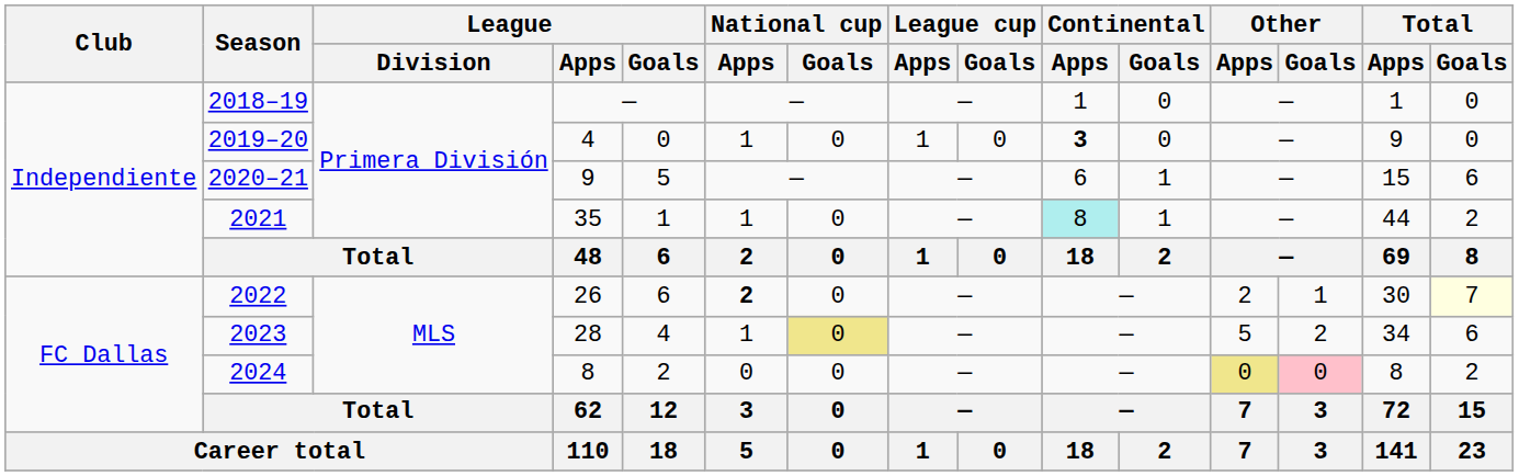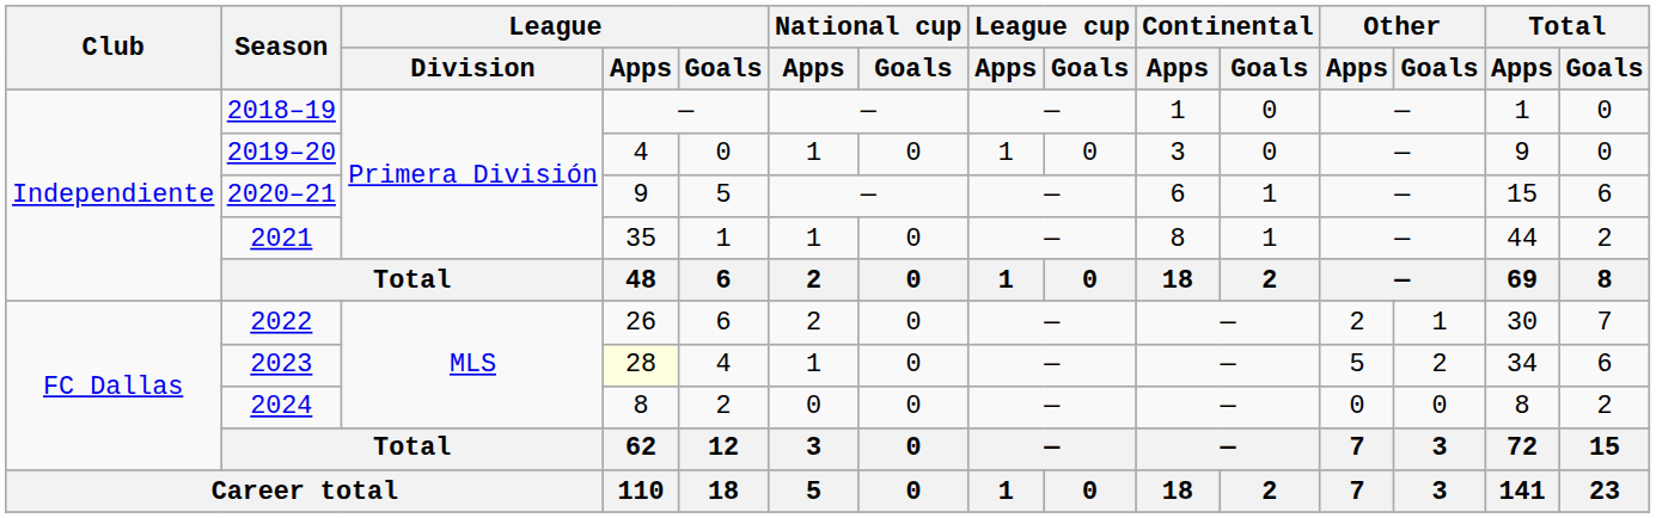 <table class="wikitable" style="text-align:center">
 <tr>
 <th rowspan="2">Club</th>
 <th rowspan="2">Season</th>
 <th colspan="3">League</th>
 <th colspan="2">National cup</th>
 <th colspan="2">League cup</th>
 <th colspan="2">Continental</th>
 <th colspan="2">Other</th>
 <th colspan="2">Total</th>
 </tr>
 <tr>
 <th>Division</th>
 <th>Apps</th>
 <th>Goals</th>
 <th>Apps</th>
 <th>Goals</th>
 <th>Apps</th>
 <th>Goals</th>
 <th>Apps</th>
 <th>Goals</th>
 <th>Apps</th>
 <th>Goals</th>
 <th>Apps</th>
 <th>Goals</th>
 </tr>
 <tr>
 <td rowspan="5"><a href='#'>Independiente</a></td>
 <td><a href='#'>2018–19</a></td>
 <td rowspan="4"><a href='#'>Primera División</a></td>
 <td colspan="2">—</td>
 <td colspan="2">—</td>
 <td colspan="2">—</td>
 <td>1</td>
 <td>0</td>
 <td colspan="2">—</td>
 <td>1</td>
 <td>0</td>
 </tr>
 <tr>
 <td><a href='#'>2019–20</a></td>
 <td>4</td>
 <td>0</td>
 <td>1</td>
 <td>0</td>
 <td>1</td>
 <td>0</td>
-<td><strong>3</strong></td>
+<td>3</td>
 <td>0</td>
 <td colspan="2">—</td>
 <td>9</td>
 <td>0</td>
 </tr>
 <tr>
 <td><a href='#'>2020–21</a></td>
 <td>9</td>
 <td>5</td>
 <td colspan="2">—</td>
 <td colspan="2">—</td>
 <td>6</td>
 <td>1</td>
 <td colspan="2">—</td>
 <td>15</td>
 <td>6</td>
 </tr>
 <tr>
 <td><a href='#'>2021</a></td>
 <td>35</td>
 <td>1</td>
 <td>1</td>
 <td>0</td>
 <td colspan="2">—</td>
-<td style="background: paleturquoise;">8</td>
+<td>8</td>
 <td>1</td>
 <td colspan="2">—</td>
 <td>44</td>
 <td>2</td>
 </tr>
 <tr>
 <th colspan="2">Total</th>
 <th>48</th>
 <th>6</th>
 <th>2</th>
 <th>0</th>
 <th>1</th>
 <th>0</th>
 <th>18</th>
 <th>2</th>
 <th colspan="2">—</th>
 <th>69</th>
 <th>8</th>
 </tr>
 <tr>
 <td rowspan="4"><a href='#'>FC Dallas</a></td>
 <td><a href='#'>2022</a></td>
 <td rowspan="3"><a href='#'>MLS</a></td>
 <td>26</td>
 <td>6</td>
-<td><strong>2</strong></td>
+<td>2</td>
 <td>0</td>
 <td colspan="2">—</td>
 <td colspan="2">—</td>
 <td>2</td>
 <td>1</td>
 <td>30</td>
-<td style="background: lightyellow;">7</td>
+<td>7</td>
 </tr>
 <tr>
 <td><a href='#'>2023</a></td>
-<td>28</td>
+<td style="background: lightyellow;">28</td>
 <td>4</td>
 <td>1</td>
-<td style="background: khaki;">0</td>
+<td>0</td>
 <td colspan="2">—</td>
 <td colspan="2">—</td>
 <td>5</td>
 <td>2</td>
 <td>34</td>
 <td>6</td>
 </tr>
 <tr>
 <td><a href='#'>2024</a></td>
 <td>8</td>
 <td>2</td>
 <td>0</td>
 <td>0</td>
 <td colspan="2">—</td>
 <td colspan="2">—</td>
-<td style="background: khaki;">0</td>
-<td style="background: pink;">0</td>
+<td>0</td>
+<td>0</td>
 <td>8</td>
 <td>2</td>
 </tr>
 <tr>
 <th colspan="2">Total</th>
 <th>62</th>
 <th>12</th>
 <th>3</th>
 <th>0</th>
 <th colspan="2">—</th>
 <th colspan="2">—</th>
 <th>7</th>
 <th>3</th>
 <th>72</th>
 <th>15</th>
 </tr>
 <tr>
 <th colspan="3">Career total</th>
 <th>110</th>
 <th>18</th>
 <th>5</th>
 <th>0</th>
 <th>1</th>
 <th>0</th>
 <th>18</th>
 <th>2</th>
 <th>7</th>
 <th>3</th>
 <th>141</th>
 <th>23</th>
 </tr>
 </table>
